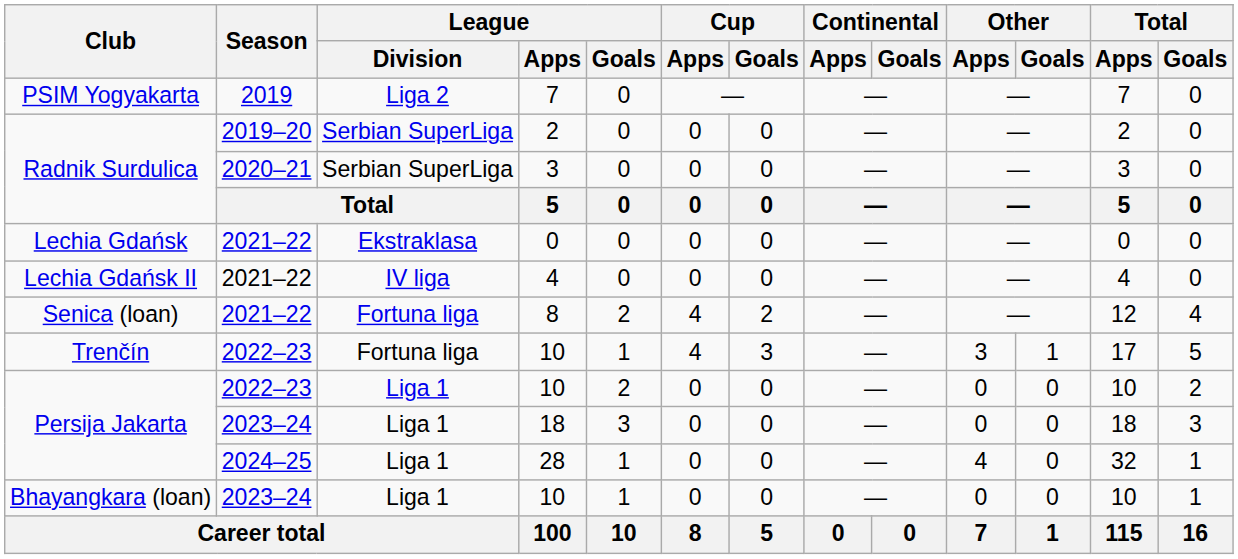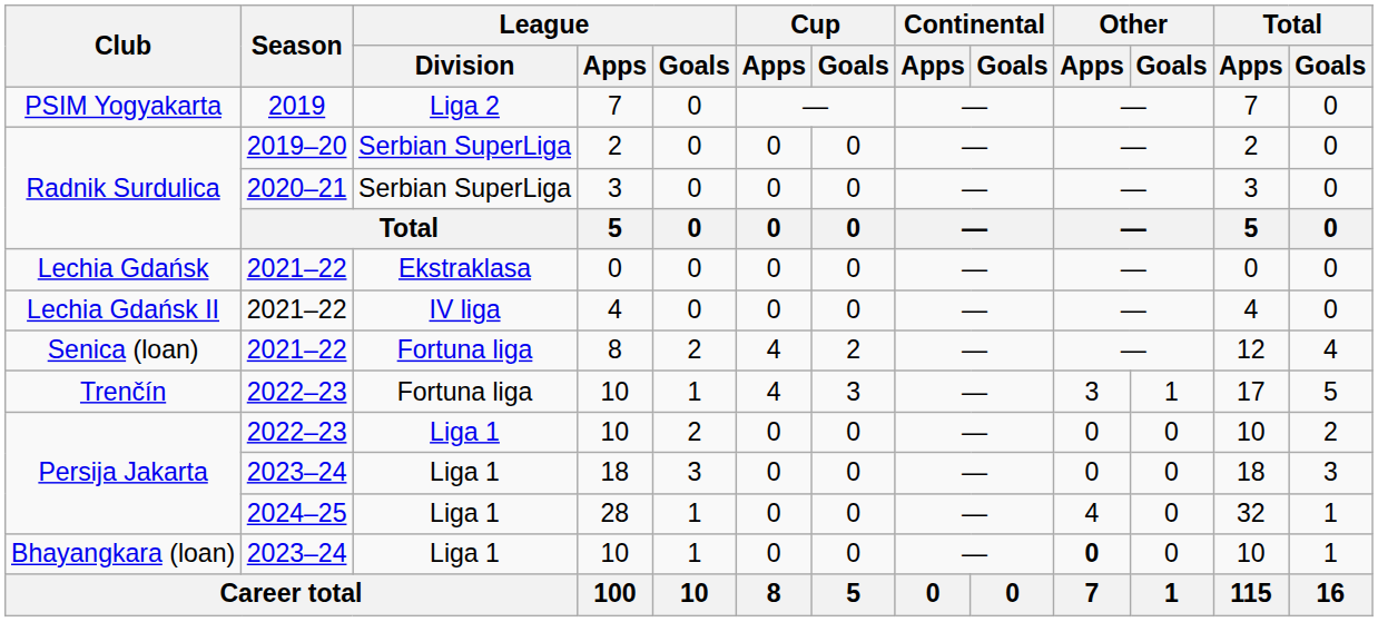 <table class="wikitable" style="text-align:center">
 <tr>
 <th rowspan="2">Club</th>
 <th rowspan="2">Season</th>
 <th colspan="3">League</th>
 <th colspan="2">Cup</th>
 <th colspan="2">Continental</th>
 <th colspan="2">Other</th>
 <th colspan="2">Total</th>
 </tr>
 <tr>
 <th>Division</th>
 <th>Apps</th>
 <th>Goals</th>
 <th>Apps</th>
 <th>Goals</th>
 <th>Apps</th>
 <th>Goals</th>
 <th>Apps</th>
 <th>Goals</th>
 <th>Apps</th>
 <th>Goals</th>
 </tr>
 <tr>
 <td><a href='#'>PSIM Yogyakarta</a></td>
 <td><a href='#'>2019</a></td>
 <td><a href='#'>Liga 2</a></td>
 <td>7</td>
 <td>0</td>
 <td colspan="2">—</td>
 <td colspan="2">—</td>
 <td colspan="2">—</td>
 <td>7</td>
 <td>0</td>
 </tr>
 <tr>
 <td rowspan="3" valign="center"><a href='#'>Radnik Surdulica</a></td>
 <td><a href='#'>2019–20</a></td>
 <td rowspan="1" valign="center"><a href='#'>Serbian SuperLiga</a></td>
 <td>2</td>
 <td>0</td>
 <td>0</td>
 <td>0</td>
 <td colspan="2">—</td>
 <td colspan="2">—</td>
 <td>2</td>
 <td>0</td>
 </tr>
 <tr>
 <td><a href='#'>2020–21</a></td>
 <td rowspan="1" valign="center">Serbian SuperLiga</td>
 <td>3</td>
 <td>0</td>
 <td>0</td>
 <td>0</td>
 <td colspan="2">—</td>
 <td colspan="2">—</td>
 <td>3</td>
 <td>0</td>
 </tr>
 <tr>
 <th colspan="2">Total</th>
 <th>5</th>
 <th>0</th>
 <th>0</th>
 <th>0</th>
 <th colspan="2">—</th>
 <th colspan="2">—</th>
 <th>5</th>
 <th>0</th>
 </tr>
 <tr>
 <td><a href='#'>Lechia Gdańsk</a></td>
 <td><a href='#'>2021–22</a></td>
 <td><a href='#'>Ekstraklasa</a></td>
 <td>0</td>
 <td>0</td>
 <td>0</td>
 <td>0</td>
 <td colspan="2">—</td>
 <td colspan="2">—</td>
 <td>0</td>
 <td>0</td>
 </tr>
 <tr>
 <td rowspan="1"><a href='#'>Lechia Gdańsk II</a></td>
 <td>2021–22</td>
 <td rowspan="1"><a href='#'>IV liga</a></td>
 <td>4</td>
 <td>0</td>
 <td>0</td>
 <td>0</td>
 <td colspan="2">—</td>
 <td colspan="2">—</td>
 <td>4</td>
 <td>0</td>
 </tr>
 <tr>
 <td rowspan="1" valign="center"><a href='#'>Senica</a> (loan)</td>
 <td><a href='#'>2021–22</a></td>
 <td rowspan="1" valign="center"><a href='#'>Fortuna liga</a></td>
 <td>8</td>
 <td>2</td>
 <td>4</td>
 <td>2</td>
 <td colspan="2">—</td>
 <td colspan="2">—</td>
 <td>12</td>
 <td>4</td>
 </tr>
 <tr>
 <td rowspan="1" valign="center"><a href='#'>Trenčín</a></td>
 <td><a href='#'>2022–23</a></td>
 <td rowspan="1" valign="center">Fortuna liga</td>
 <td>10</td>
 <td>1</td>
 <td>4</td>
 <td>3</td>
 <td colspan="2">—</td>
 <td>3</td>
 <td>1</td>
 <td>17</td>
 <td>5</td>
 </tr>
 <tr>
 <td rowspan="3"><a href='#'>Persija Jakarta</a></td>
 <td><a href='#'>2022–23</a></td>
 <td rowspan="1" valign="center"><a href='#'>Liga 1</a></td>
 <td>10</td>
 <td>2</td>
 <td>0</td>
 <td>0</td>
 <td colspan=2>—</td>
 <td>0</td>
 <td>0</td>
 <td>10</td>
 <td>2</td>
 </tr>
 <tr>
 <td><a href='#'>2023–24</a></td>
 <td>Liga 1</td>
 <td>18</td>
 <td>3</td>
 <td>0</td>
 <td>0</td>
 <td colspan="2">—</td>
 <td>0</td>
 <td>0</td>
 <td>18</td>
 <td>3</td>
 </tr>
 <tr>
 <td><a href='#'>2024–25</a></td>
 <td>Liga 1</td>
 <td>28</td>
 <td>1</td>
 <td>0</td>
 <td>0</td>
 <td colspan="2">—</td>
 <td>4</td>
 <td>0</td>
 <td>32</td>
 <td>1</td>
 </tr>
 <tr>
 <td><a href='#'>Bhayangkara</a> (loan)</td>
 <td><a href='#'>2023–24</a></td>
 <td>Liga 1</td>
 <td>10</td>
 <td>1</td>
 <td>0</td>
 <td>0</td>
 <td colspan="2">—</td>
-<td>0</td>
+<td><strong>0</strong></td>
 <td>0</td>
 <td>10</td>
 <td>1</td>
 </tr>
 <tr>
 <th colspan="3">Career total</th>
 <th>100</th>
 <th>10</th>
 <th>8</th>
 <th>5</th>
 <th>0</th>
 <th>0</th>
 <th>7</th>
 <th>1</th>
 <th>115</th>
 <th>16</th>
 </tr>
 </table>
